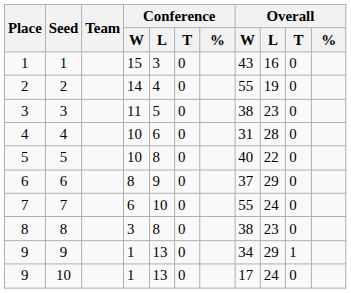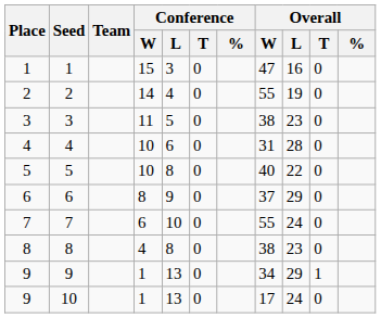 <table class="wikitable">
 <tr>
 <th rowspan ="2">Place</th>
 <th rowspan ="2">Seed</th>
 <th rowspan ="2">Team</th>
 <th colspan = "4">Conference</th>
 <th colspan = "4">Overall</th>
 </tr>
 <tr>
 <th scope="col" style="width: 20px;">W</th>
 <th scope="col" style="width: 20px;">L</th>
 <th scope="col" style="width: 20px;">T</th>
 <th scope="col" style="width: 30px;">%</th>
 <th scope="col" style="width: 20px;">W</th>
 <th scope="col" style="width: 20px;">L</th>
 <th scope="col" style="width: 20px;">T</th>
 <th scope="col" style="width: 30px;">%</th>
 </tr>
 <tr>
 <td style="text-align:center;">1</td>
 <td style="text-align:center;">1</td>
 <td></td>
 <td>15</td>
 <td>3</td>
 <td>0</td>
 <td></td>
-<td>43</td>
+<td>47</td>
 <td>16</td>
 <td>0</td>
 <td></td>
 </tr>
 <tr>
 <td style="text-align:center;">2</td>
 <td style="text-align:center;">2</td>
 <td></td>
 <td>14</td>
 <td>4</td>
 <td>0</td>
 <td></td>
 <td>55</td>
 <td>19</td>
 <td>0</td>
 <td></td>
 </tr>
 <tr>
 <td style="text-align:center;">3</td>
 <td style="text-align:center;">3</td>
 <td></td>
 <td>11</td>
 <td>5</td>
 <td>0</td>
 <td></td>
 <td>38</td>
 <td>23</td>
 <td>0</td>
 <td></td>
 </tr>
 <tr>
 <td style="text-align:center;">4</td>
 <td style="text-align:center;">4</td>
 <td></td>
 <td>10</td>
 <td>6</td>
 <td>0</td>
 <td></td>
 <td>31</td>
 <td>28</td>
 <td>0</td>
 <td></td>
 </tr>
 <tr>
 <td style="text-align:center;">5</td>
 <td style="text-align:center;">5</td>
 <td></td>
 <td>10</td>
 <td>8</td>
 <td>0</td>
 <td></td>
 <td>40</td>
 <td>22</td>
 <td>0</td>
 <td></td>
 </tr>
 <tr>
 <td style="text-align:center;">6</td>
 <td style="text-align:center;">6</td>
 <td></td>
 <td>8</td>
 <td>9</td>
 <td>0</td>
 <td></td>
 <td>37</td>
 <td>29</td>
 <td>0</td>
 <td></td>
 </tr>
 <tr>
 <td style="text-align:center;">7</td>
 <td style="text-align:center;">7</td>
 <td></td>
 <td>6</td>
 <td>10</td>
 <td>0</td>
 <td></td>
 <td>55</td>
 <td>24</td>
 <td>0</td>
 <td></td>
 </tr>
 <tr>
 <td style="text-align:center;">8</td>
 <td style="text-align:center;">8</td>
 <td></td>
-<td>3</td>
+<td>4</td>
 <td>8</td>
 <td>0</td>
 <td></td>
 <td>38</td>
 <td>23</td>
 <td>0</td>
 <td></td>
 </tr>
 <tr>
 <td style="text-align:center;">9</td>
 <td style="text-align:center;">9</td>
 <td></td>
 <td>1</td>
 <td>13</td>
 <td>0</td>
 <td></td>
 <td>34</td>
 <td>29</td>
 <td>1</td>
 <td></td>
 </tr>
 <tr>
 <td style="text-align:center;">9</td>
 <td style="text-align:center;">10</td>
 <td></td>
 <td>1</td>
 <td>13</td>
 <td>0</td>
 <td></td>
 <td>17</td>
 <td>24</td>
 <td>0</td>
 <td></td>
 </tr>
 </table>
